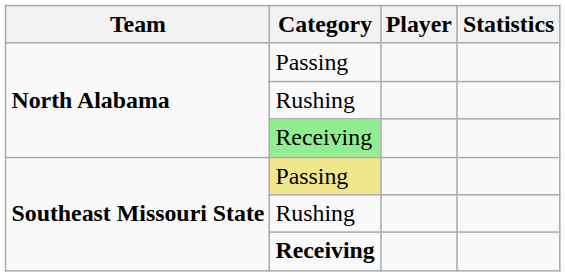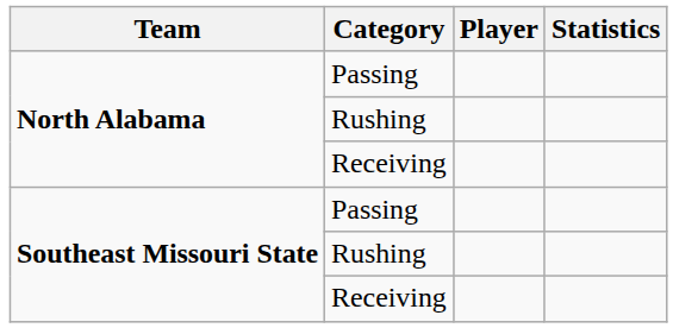 <table class="wikitable" style="float: right;">
 <tr>
 <th>Team</th>
 <th>Category</th>
 <th>Player</th>
 <th>Statistics</th>
 </tr>
 <tr>
 <td rowspan=3><strong>North Alabama</strong></td>
 <td>Passing</td>
 <td></td>
 <td></td>
 </tr>
 <tr>
 <td>Rushing</td>
 <td></td>
 <td></td>
 </tr>
 <tr>
-<td style="background: lightgreen;">Receiving</td>
+<td>Receiving</td>
 <td></td>
 <td></td>
 </tr>
 <tr>
 <td rowspan=3><strong>Southeast Missouri State</strong></td>
-<td style="background: khaki;">Passing</td>
+<td>Passing</td>
 <td></td>
 <td></td>
 </tr>
 <tr>
 <td>Rushing</td>
 <td></td>
 <td></td>
 </tr>
 <tr>
-<td><strong>Receiving</strong></td>
+<td>Receiving</td>
 <td></td>
 <td></td>
 </tr>
 </table>
